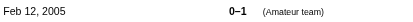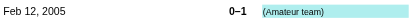 <table width=100% cellspacing=1>
 <tr>
 <th width=120></th>
 <th width=220></th>
 <th width=70></th>
 <th width=220></th>
 <th></th>
 </tr>
 <tr>
 <td align=right>Feb 12, 2005</td>
 <td align=right><strong></strong></td>
 <td align=center><strong>0–1</strong></td>
-<td><strong></strong> <small>(Amateur team)</small></td>
+<td style="background: paleturquoise;"><strong></strong> <small>(Amateur team)</small></td>
 </tr>
 </table>
